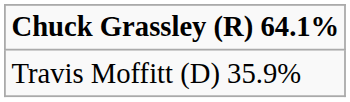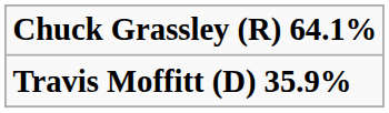 <table class="wikitable">
 <tr>
 <td><strong>Chuck Grassley (R) 64.1%</strong></td>
 </tr>
 <tr>
-<td>Travis Moffitt (D) 35.9%</td>
+<td><strong>Travis Moffitt (D) 35.9%</strong></td>
 </tr>
 </table>
